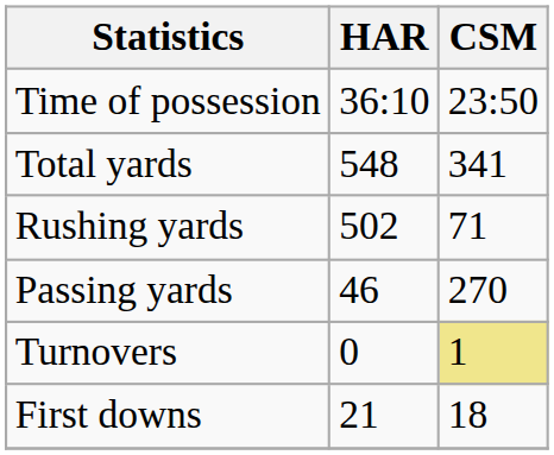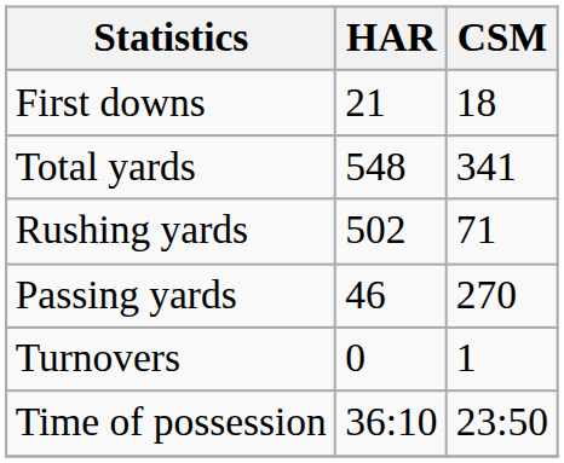 <table class="wikitable" style="float: left;">
 <tr>
 <th>Statistics</th>
 <th>HAR</th>
 <th>CSM</th>
 </tr>
 <tr>
-<td>Time of possession</td>
-<td>36:10</td>
-<td>23:50</td>
+<td>First downs</td>
+<td>21</td>
+<td>18</td>
 </tr>
 <tr>
 <td>Total yards</td>
 <td>548</td>
 <td>341</td>
 </tr>
 <tr>
 <td>Rushing yards</td>
 <td>502</td>
 <td>71</td>
 </tr>
 <tr>
 <td>Passing yards</td>
 <td>46</td>
 <td>270</td>
 </tr>
 <tr>
 <td>Turnovers</td>
 <td>0</td>
-<td style="background: khaki;">1</td>
+<td>1</td>
 </tr>
 <tr>
-<td>First downs</td>
-<td>21</td>
-<td>18</td>
+<td>Time of possession</td>
+<td>36:10</td>
+<td>23:50</td>
 </tr>
 <tr>
 </tr>
 </table>
